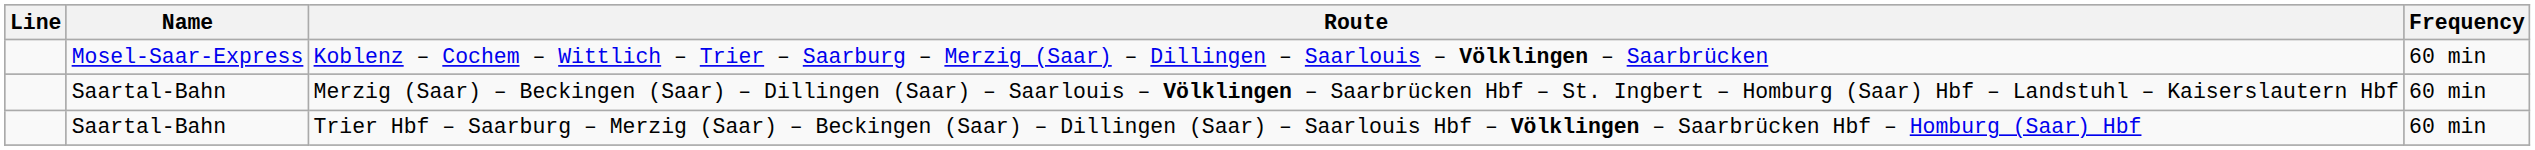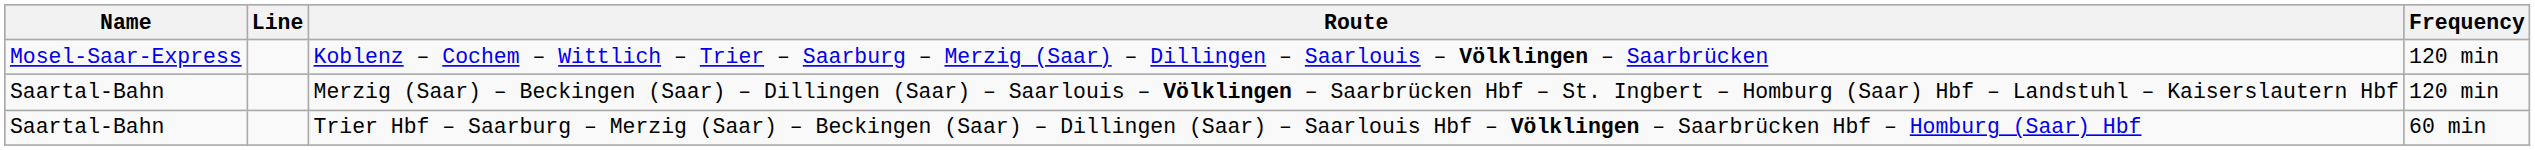 <table class="wikitable">
 <tr>
+<th>Name</th>
 <th>Line</th>
-<th>Name</th>
 <th>Route</th>
 <th>Frequency</th>
 </tr>
 <tr>
+<td><a href='#'>Mosel-Saar-Express</a></td>
 <td></td>
-<td><a href='#'>Mosel-Saar-Express</a></td>
 <td><a href='#'>Koblenz</a> – <a href='#'>Cochem</a> – <a href='#'>Wittlich</a> – <a href='#'>Trier</a> – <a href='#'>Saarburg</a> – <a href='#'>Merzig (Saar)</a> – <a href='#'>Dillingen</a> – <a href='#'>Saarlouis</a> – <strong>Völklingen</strong> – <a href='#'>Saarbrücken</a></td>
-<td>60 min</td>
+<td>120 min</td>
 </tr>
 <tr>
+<td>Saartal-Bahn</td>
 <td></td>
-<td>Saartal-Bahn</td>
 <td>Merzig (Saar) – Beckingen (Saar) – Dillingen (Saar) – Saarlouis – <strong>Völklingen</strong> – Saarbrücken Hbf – St. Ingbert – Homburg (Saar) Hbf – Landstuhl – Kaiserslautern Hbf</td>
-<td>60 min</td>
+<td>120 min</td>
 </tr>
 <tr>
+<td>Saartal-Bahn</td>
 <td></td>
-<td>Saartal-Bahn</td>
 <td>Trier Hbf – Saarburg – Merzig (Saar) – Beckingen (Saar) – Dillingen (Saar) – Saarlouis Hbf – <strong>Völklingen</strong> – Saarbrücken Hbf – <a href='#'>Homburg (Saar) Hbf</a></td>
 <td>60 min</td>
 </tr>
 </table>
